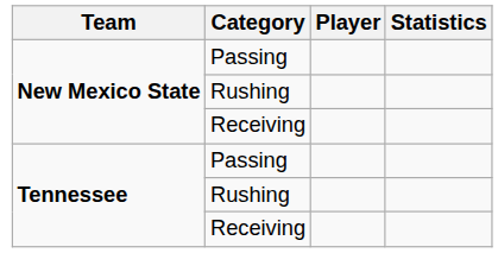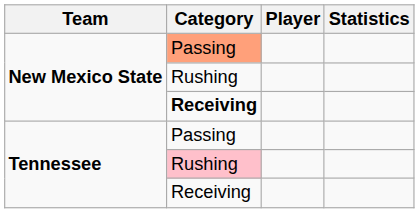 <table class="wikitable" style="float: right;">
 <tr>
 <th>Team</th>
 <th>Category</th>
 <th>Player</th>
 <th>Statistics</th>
 </tr>
 <tr>
 <td rowspan=3><strong>New Mexico State</strong></td>
-<td>Passing</td>
+<td style="background: lightsalmon;">Passing</td>
 <td></td>
 <td></td>
 </tr>
 <tr>
 <td>Rushing</td>
 <td></td>
 <td></td>
 </tr>
 <tr>
-<td>Receiving</td>
+<td><strong>Receiving</strong></td>
 <td></td>
 <td></td>
 </tr>
 <tr>
 <td rowspan=3><strong>Tennessee</strong></td>
 <td>Passing</td>
 <td></td>
 <td></td>
 </tr>
 <tr>
-<td>Rushing</td>
+<td style="background: pink;">Rushing</td>
 <td></td>
 <td></td>
 </tr>
 <tr>
 <td>Receiving</td>
 <td></td>
 <td></td>
 </tr>
 </table>
